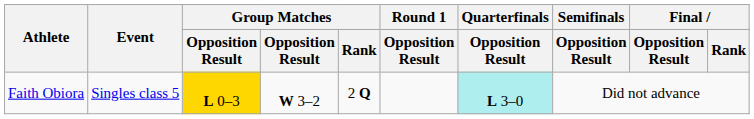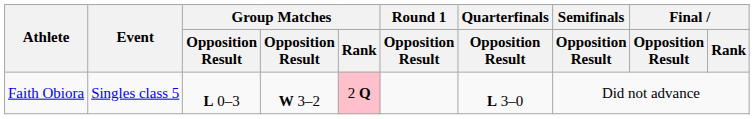 <table class=wikitable style="font-size:90%">
 <tr>
 <th rowspan="2">Athlete</th>
 <th rowspan="2">Event</th>
 <th colspan="3">Group Matches</th>
 <th>Round 1</th>
 <th>Quarterfinals</th>
 <th>Semifinals</th>
 <th colspan="2">Final / </th>
 </tr>
 <tr>
 <th>Opposition<br>Result</th>
 <th>Opposition<br>Result</th>
 <th>Rank</th>
 <th>Opposition<br>Result</th>
 <th>Opposition<br>Result</th>
 <th>Opposition<br>Result</th>
 <th>Opposition<br>Result</th>
 <th>Rank</th>
 </tr>
 <tr align=center>
 <td align=left><a href='#'>Faith Obiora</a></td>
 <td align=left rowspan="2"><a href='#'>Singles class 5</a></td>
-<td style="background: gold;"><br><strong>L</strong> 0–3</td>
+<td><br><strong>L</strong> 0–3</td>
 <td><br><strong>W</strong> 3–2</td>
-<td>2 <strong>Q</strong></td>
+<td style="background: pink;">2 <strong>Q</strong></td>
 <td></td>
-<td style="background: paleturquoise;"><br><strong>L</strong> 3–0</td>
+<td><br><strong>L</strong> 3–0</td>
 <td colspan="3">Did not advance</td>
 </tr>
 </table>
